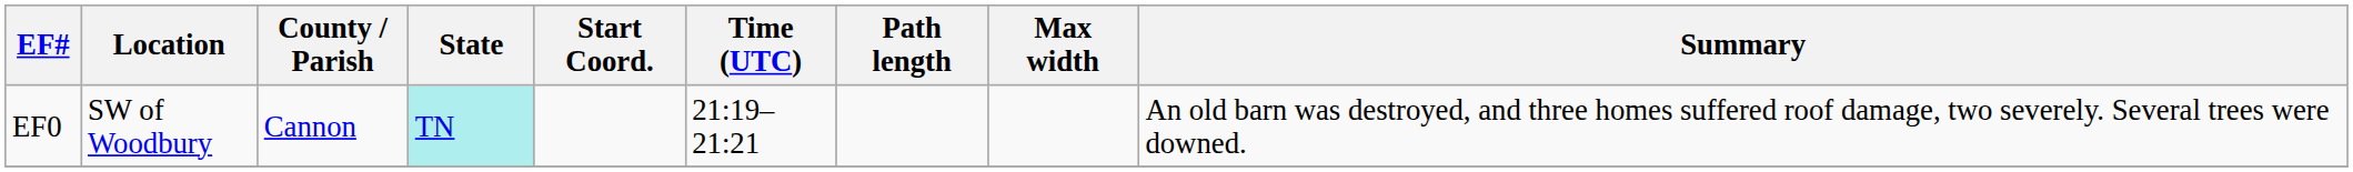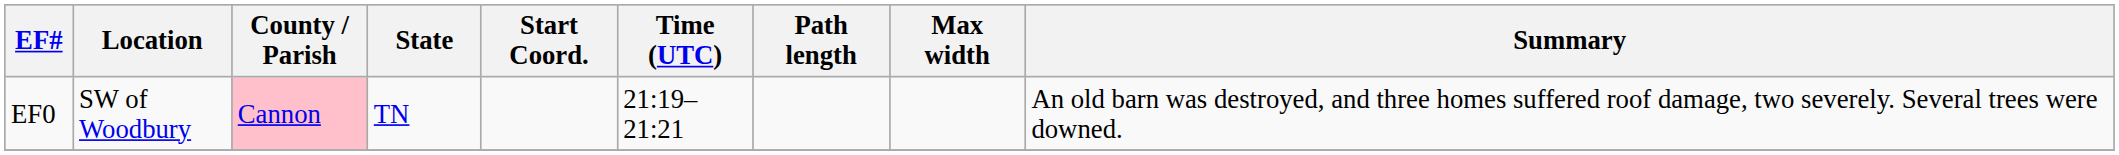 <table class="wikitable sortable" style="width:100%;">
 <tr>
 <th scope="col" style="width:3%; text-align:center;"><a href='#'>EF#</a></th>
 <th scope="col" style="width:7%; text-align:center;" class="unsortable">Location</th>
 <th scope="col" style="width:6%; text-align:center;" class="unsortable">County / Parish</th>
 <th scope="col" style="width:5%; text-align:center;">State</th>
 <th scope="col" style="width:6%; text-align:center;">Start Coord.</th>
 <th scope="col" style="width:6%; text-align:center;">Time (<a href='#'>UTC</a>)</th>
 <th scope="col" style="width:6%; text-align:center;">Path length</th>
 <th scope="col" style="width:6%; text-align:center;">Max width</th>
 <th scope="col" class="unsortable" style="width:48%; text-align:center;">Summary</th>
 </tr>
 <tr>
 <td bgcolor=>EF0</td>
 <td>SW of <a href='#'>Woodbury</a></td>
-<td><a href='#'>Cannon</a></td>
-<td style="background: paleturquoise;"><a href='#'>TN</a></td>
+<td style="background: pink;"><a href='#'>Cannon</a></td>
+<td><a href='#'>TN</a></td>
 <td></td>
 <td>21:19–21:21</td>
 <td></td>
 <td></td>
 <td>An old barn was destroyed, and three homes suffered roof damage, two severely. Several trees were downed.</td>
 </tr>
 <tr>
 </tr>
 </table>
